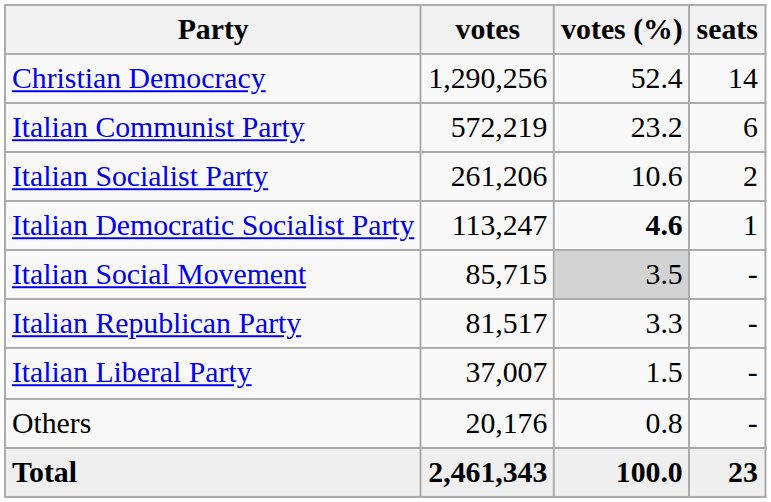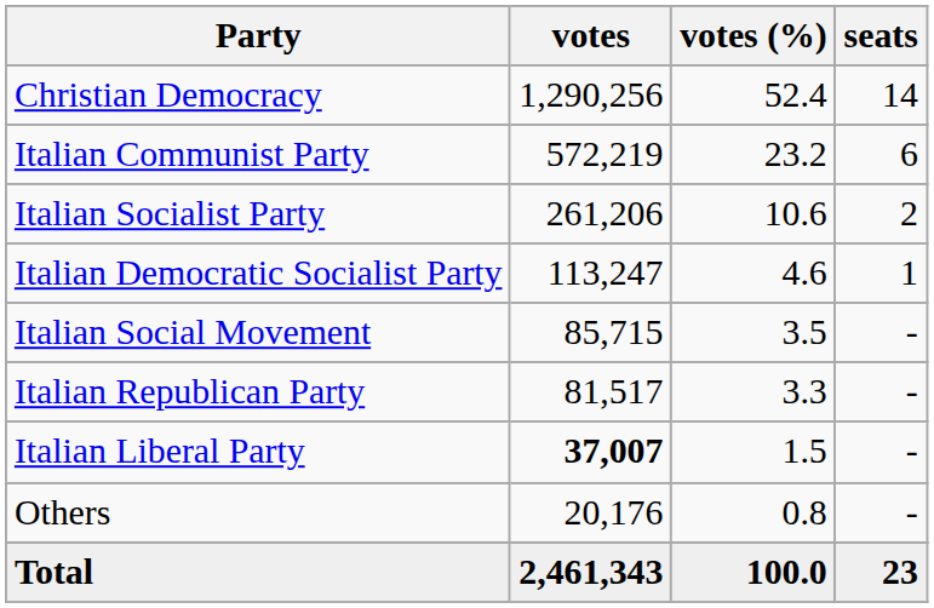 <table class="wikitable" style="font-size:95%">
 <tr bgcolor="EFEFEF">
 <th>Party</th>
 <th>votes</th>
 <th>votes (%)</th>
 <th>seats</th>
 </tr>
 <tr>
 <td><a href='#'>Christian Democracy</a></td>
 <td align=right>1,290,256</td>
 <td align=right>52.4</td>
 <td align=right>14</td>
 </tr>
 <tr>
 <td><a href='#'>Italian Communist Party</a></td>
 <td align=right>572,219</td>
 <td align=right>23.2</td>
 <td align=right>6</td>
 </tr>
 <tr>
 <td><a href='#'>Italian Socialist Party</a></td>
 <td align=right>261,206</td>
 <td align=right>10.6</td>
 <td align=right>2</td>
 </tr>
 <tr>
 <td><a href='#'>Italian Democratic Socialist Party</a></td>
 <td align=right>113,247</td>
-<td align=right><strong>4.6</strong></td>
+<td align=right>4.6</td>
 <td align=right>1</td>
 </tr>
 <tr>
 <td><a href='#'>Italian Social Movement</a></td>
 <td align=right>85,715</td>
-<td align=right style="background: lightgrey;">3.5</td>
+<td align=right>3.5</td>
 <td align=right>-</td>
 </tr>
 <tr>
 <td><a href='#'>Italian Republican Party</a></td>
 <td align=right>81,517</td>
 <td align=right>3.3</td>
 <td align=right>-</td>
 </tr>
 <tr>
 <td><a href='#'>Italian Liberal Party</a></td>
-<td align=right>37,007</td>
+<td align=right><strong>37,007</strong></td>
 <td align=right>1.5</td>
 <td align=right>-</td>
 </tr>
 <tr>
 <td>Others</td>
 <td align=right>20,176</td>
 <td align=right>0.8</td>
 <td align=right>-</td>
 </tr>
 <tr>
 </tr>
 <tr bgcolor="EFEFEF">
 <td><strong>Total</strong></td>
 <td align=right><strong>2,461,343</strong></td>
 <td align=right><strong>100.0</strong></td>
 <td align=right><strong>23</strong></td>
 </tr>
 </table>
